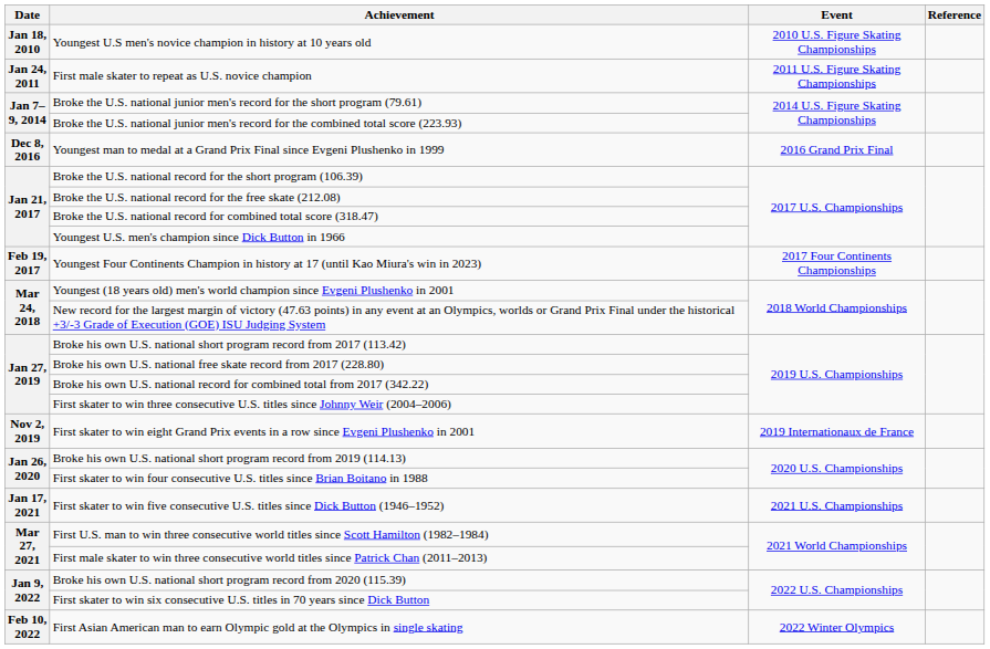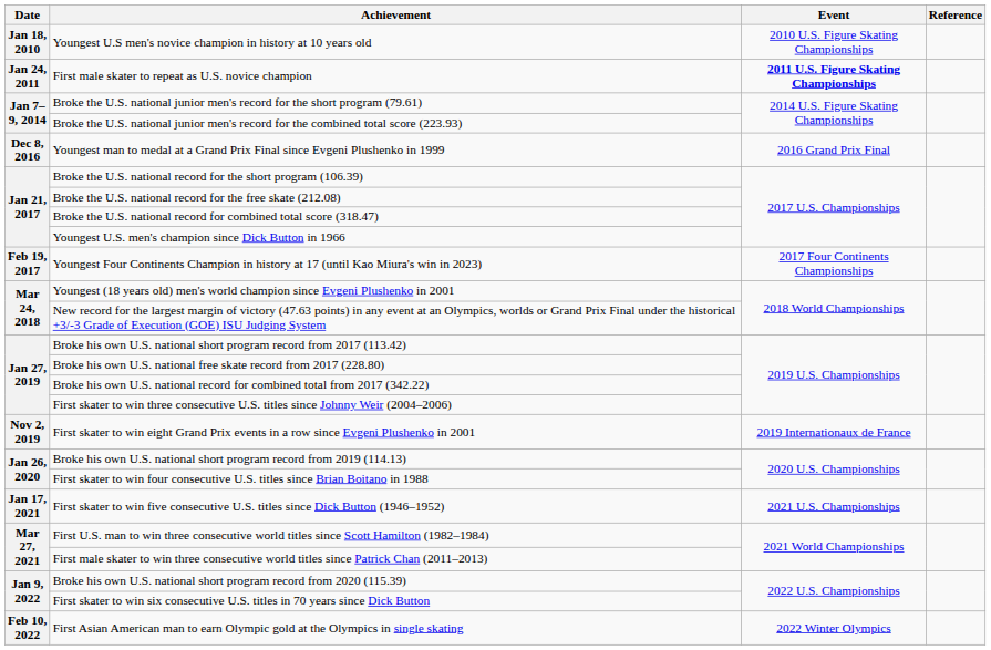 <table class="wikitable plainrowheaders" style="text-align:center">
 <tr>
 <th scope=col width=50px>Date</th>
 <th scope=col>Achievement</th>
 <th scope=col>Event</th>
 <th scope=col>Reference</th>
 </tr>
 <tr>
 <th scope=row>Jan 18, 2010</th>
 <td align=left>Youngest U.S men's novice champion in history at 10 years old</td>
 <td><a href='#'>2010 U.S. Figure Skating Championships</a></td>
 <td></td>
 </tr>
 <tr>
 <th scope=row>Jan 24, 2011</th>
 <td align=left>First male skater to repeat as U.S. novice champion</td>
-<td><a href='#'>2011 U.S. Figure Skating Championships</a></td>
+<td><strong><a href='#'>2011 U.S. Figure Skating Championships</a></strong></td>
 <td></td>
 </tr>
 <tr>
 <th rowspan="2" scope="row">Jan 7–9, 2014</th>
 <td align=left>Broke the U.S. national junior men's record for the short program (79.61)</td>
 <td rowspan="2"><a href='#'>2014 U.S. Figure Skating Championships</a></td>
 <td rowspan="2"></td>
 </tr>
 <tr>
 <td align=left>Broke the U.S. national junior men's record for the combined total score (223.93)</td>
 </tr>
 <tr>
 <th scope="row">Dec 8, 2016</th>
 <td align="left">Youngest man to medal at a Grand Prix Final since Evgeni Plushenko in 1999</td>
 <td><a href='#'>2016 Grand Prix Final</a></td>
 <td></td>
 </tr>
 <tr>
 <th rowspan="4" scope="row">Jan 21, 2017</th>
 <td align="left">Broke the U.S. national record for the short program (106.39)</td>
 <td rowspan="4"><a href='#'>2017 U.S. Championships</a></td>
 <td rowspan="4"></td>
 </tr>
 <tr>
 <td align=left>Broke the U.S. national record for the free skate (212.08)</td>
 </tr>
 <tr>
 <td align=left>Broke the U.S. national record for combined total score (318.47)</td>
 </tr>
 <tr>
 <td align=left>Youngest U.S. men's champion since <a href='#'>Dick Button</a> in 1966</td>
 </tr>
 <tr>
 <th scope="row">Feb 19, 2017</th>
 <td align="left">Youngest Four Continents Champion in history at 17 (until Kao Miura's win in 2023)</td>
 <td><a href='#'>2017 Four Continents Championships</a></td>
 <td></td>
 </tr>
 <tr>
 <th rowspan="2" scope="row">Mar 24, 2018</th>
 <td align="left">Youngest (18 years old) men's world champion since <a href='#'>Evgeni Plushenko</a> in 2001</td>
 <td rowspan="2"><a href='#'>2018 World Championships</a></td>
 <td rowspan="2"></td>
 </tr>
 <tr>
 <td align=left>New record for the largest margin of victory (47.63 points) in any event at an Olympics, worlds or Grand Prix Final under the historical <a href='#'>+3/-3 Grade of Execution (GOE) ISU Judging System</a></td>
 </tr>
 <tr>
 <th rowspan="4" scope="row">Jan 27, 2019</th>
 <td align="left">Broke his own U.S. national short program record from 2017 (113.42)</td>
 <td rowspan="4"><a href='#'>2019 U.S. Championships</a></td>
 <td rowspan="4"></td>
 </tr>
 <tr>
 <td align=left>Broke his own U.S. national free skate record from 2017 (228.80)</td>
 </tr>
 <tr>
 <td align=left>Broke his own U.S. national record for combined total from 2017 (342.22)</td>
 </tr>
 <tr>
 <td align=left>First skater to win three consecutive U.S. titles since <a href='#'>Johnny Weir</a> (2004–2006)</td>
 </tr>
 <tr>
 <th scope="row">Nov 2, 2019</th>
 <td align="left">First skater to win eight Grand Prix events in a row since <a href='#'>Evgeni Plushenko</a> in 2001</td>
 <td><a href='#'>2019 Internationaux de France</a></td>
 <td></td>
 </tr>
 <tr>
 <th rowspan="2" scope="row">Jan 26, 2020</th>
 <td align="left">Broke his own U.S. national short program record from 2019 (114.13)</td>
 <td rowspan="2"><a href='#'>2020 U.S. Championships</a></td>
 <td rowspan="2"></td>
 </tr>
 <tr>
 <td align=left>First skater to win four consecutive U.S. titles since <a href='#'>Brian Boitano</a> in 1988</td>
 </tr>
 <tr>
 <th scope="row">Jan 17, 2021</th>
 <td align="left">First skater to win five consecutive U.S. titles since <a href='#'>Dick Button</a> (1946–1952)</td>
 <td><a href='#'>2021 U.S. Championships</a></td>
 <td></td>
 </tr>
 <tr>
 <th rowspan="2" scope="row">Mar 27, 2021</th>
 <td align="left">First U.S. man to win three consecutive world titles since <a href='#'>Scott Hamilton</a> (1982–1984)</td>
 <td rowspan="2"><a href='#'>2021 World Championships</a></td>
 <td rowspan="2"></td>
 </tr>
 <tr>
 <td align=left>First male skater to win three consecutive world titles since <a href='#'>Patrick Chan</a> (2011–2013)</td>
 </tr>
 <tr>
 <th rowspan="2" scope="row">Jan 9, 2022</th>
 <td align="left">Broke his own U.S. national short program record from 2020 (115.39)</td>
 <td rowspan="2"><a href='#'>2022 U.S. Championships</a></td>
 <td rowspan="2"></td>
 </tr>
 <tr>
 <td align=left>First skater to win six consecutive U.S. titles in 70 years since <a href='#'>Dick Button</a></td>
 </tr>
 <tr>
 <th scope="row">Feb 10, 2022</th>
 <td align="left">First Asian American man to earn Olympic gold at the Olympics in <a href='#'>single skating</a></td>
 <td><a href='#'>2022 Winter Olympics</a></td>
 <td></td>
 </tr>
 </table>
